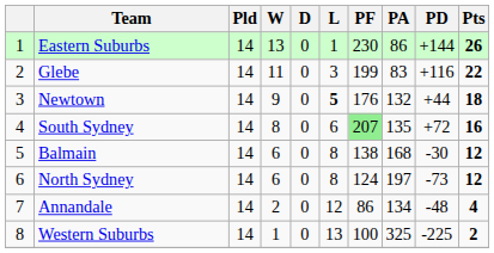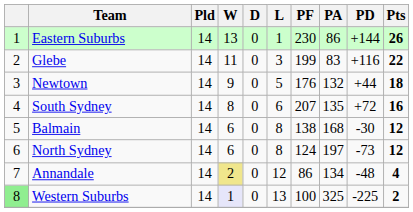 <table class="wikitable" style="text-align:center;">
 <tr>
 <th width=20 abbr="Position×"></th>
 <th width=175>Team</th>
 <th width=20 abbr="Played">Pld</th>
 <th width=20 abbr="Won">W</th>
 <th width=20 abbr="Drawn">D</th>
 <th width=20 abbr="Lost">L</th>
 <th width=20 abbr="Points for">PF</th>
 <th width=20 abbr="Points against">PA</th>
 <th width=20 abbr="Points difference">PD</th>
 <th width=20 abbr="Points">Pts</th>
 </tr>
 <tr style="background: #ccffcc;">
 <td>1</td>
 <td style="text-align:left;"> <a href='#'>Eastern Suburbs</a></td>
 <td>14</td>
 <td>13</td>
 <td>0</td>
 <td>1</td>
 <td>230</td>
 <td>86</td>
 <td>+144</td>
 <td><strong>26</strong></td>
 </tr>
 <tr>
 <td>2</td>
 <td style="text-align:left;"> <a href='#'>Glebe</a></td>
 <td>14</td>
 <td>11</td>
 <td>0</td>
 <td>3</td>
 <td>199</td>
 <td>83</td>
 <td>+116</td>
 <td><strong>22</strong></td>
 </tr>
 <tr>
 <td>3</td>
 <td style="text-align:left;"> <a href='#'>Newtown</a></td>
 <td>14</td>
 <td>9</td>
 <td>0</td>
-<td><strong>5</strong></td>
+<td>5</td>
 <td>176</td>
 <td>132</td>
 <td>+44</td>
 <td><strong>18</strong></td>
 </tr>
 <tr>
 <td>4</td>
 <td style="text-align:left;"> <a href='#'>South Sydney</a></td>
 <td>14</td>
 <td>8</td>
 <td>0</td>
 <td>6</td>
-<td style="background: lightgreen;">207</td>
+<td>207</td>
 <td>135</td>
 <td>+72</td>
 <td><strong>16</strong></td>
 </tr>
 <tr>
 <td>5</td>
 <td style="text-align:left;"> <a href='#'>Balmain</a></td>
 <td>14</td>
 <td>6</td>
 <td>0</td>
 <td>8</td>
 <td>138</td>
 <td>168</td>
 <td>-30</td>
 <td><strong>12</strong></td>
 </tr>
 <tr>
 <td>6</td>
 <td style="text-align:left;"> <a href='#'>North Sydney</a></td>
 <td>14</td>
 <td>6</td>
 <td>0</td>
 <td>8</td>
 <td>124</td>
 <td>197</td>
 <td>-73</td>
 <td><strong>12</strong></td>
 </tr>
 <tr>
 <td>7</td>
 <td style="text-align:left;"> <a href='#'>Annandale</a></td>
 <td>14</td>
-<td>2</td>
+<td style="background: khaki;">2</td>
 <td>0</td>
 <td>12</td>
 <td>86</td>
 <td>134</td>
 <td>-48</td>
 <td><strong>4</strong></td>
 </tr>
 <tr>
-<td>8</td>
+<td style="background: lightgreen;">8</td>
 <td style="text-align:left;"> <a href='#'>Western Suburbs</a></td>
 <td>14</td>
-<td>1</td>
+<td style="background: lavender;">1</td>
 <td>0</td>
 <td>13</td>
 <td>100</td>
 <td>325</td>
 <td>-225</td>
 <td><strong>2</strong></td>
 </tr>
 <tr>
 </tr>
 </table>
